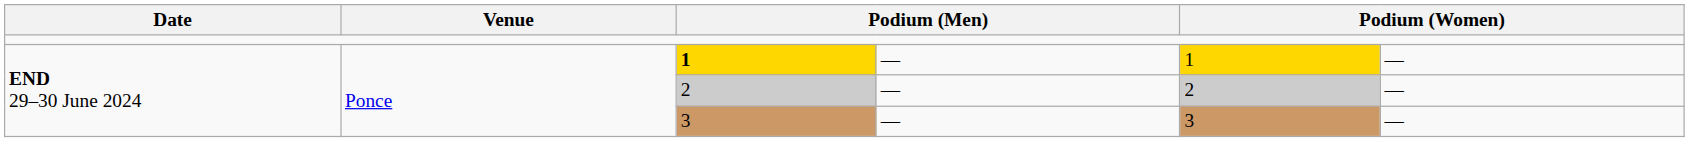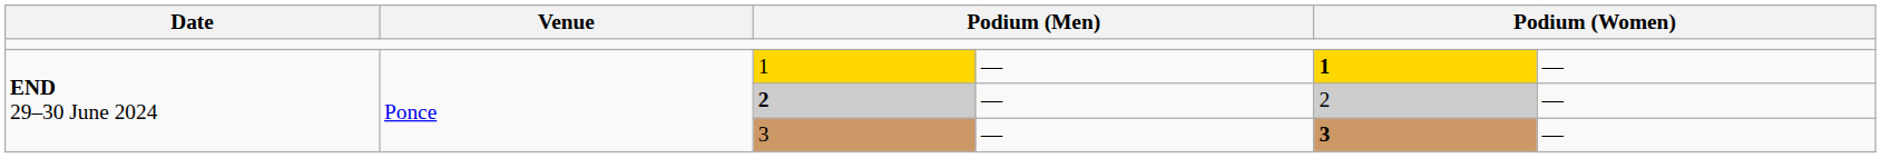 <table class="wikitable" width=70%>
 <tr>
 <th>Date</th>
 <th width=20%>Venue</th>
 <th colspan=2 width=30%>Podium (Men)</th>
 <th colspan=2 width=30%>Podium (Women)</th>
 </tr>
 <tr>
 <td colspan=6></td>
 </tr>
 <tr>
 <td rowspan=3><strong>END</strong> <br> 29–30 June 2024</td>
 <td rowspan=3><br><a href='#'>Ponce</a></td>
+<td bgcolor=FFD700>1</td>
+<td>—</td>
 <td bgcolor=FFD700><strong>1</strong></td>
-<td>—</td>
-<td bgcolor=FFD700>1</td>
 <td>—</td>
 </tr>
 <tr>
-<td bgcolor=CCCCCC>2</td>
+<td bgcolor=CCCCCC><strong>2</strong></td>
 <td>—</td>
 <td bgcolor=CCCCCC>2</td>
 <td>—</td>
 </tr>
 <tr>
 <td bgcolor=CC9966>3</td>
 <td>—</td>
-<td bgcolor=CC9966>3</td>
+<td bgcolor=CC9966><strong>3</strong></td>
 <td>—</td>
 </tr>
 </table>
